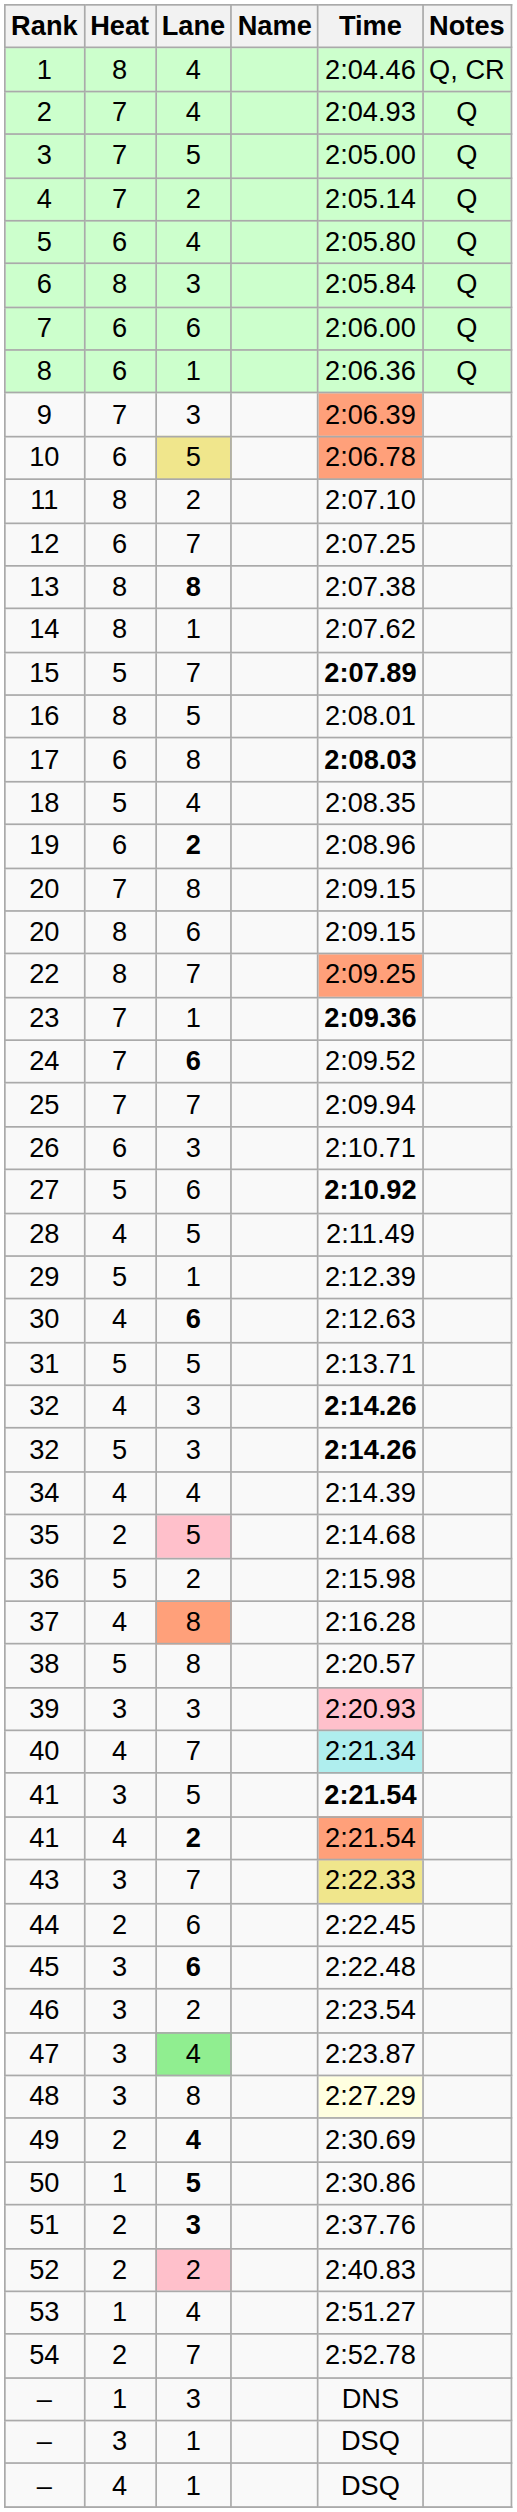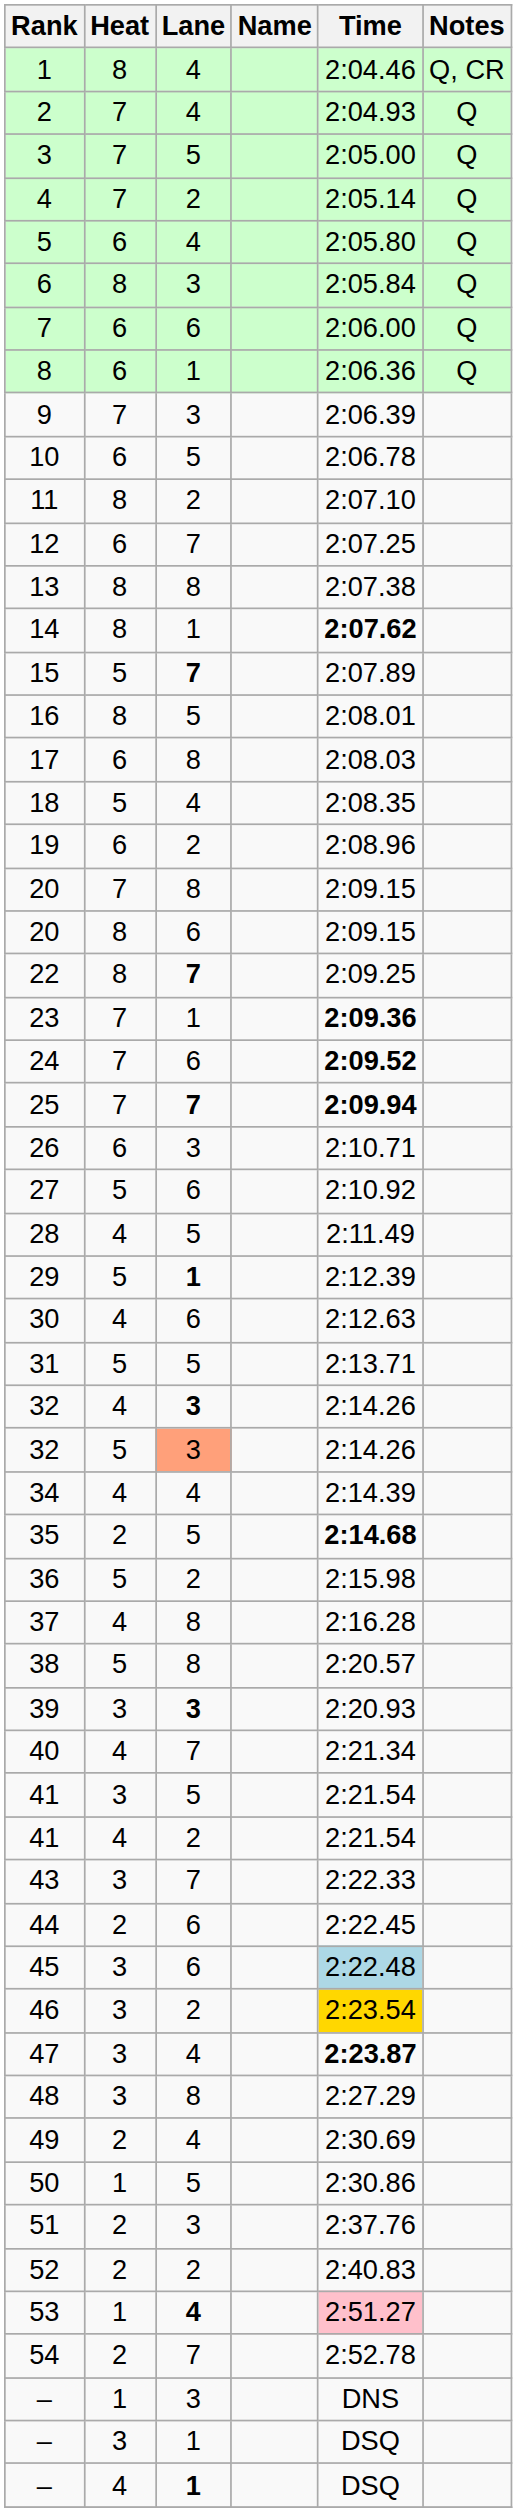 <table class="wikitable sortable" style="text-align:center">
 <tr>
 <th>Rank</th>
 <th>Heat</th>
 <th>Lane</th>
 <th>Name</th>
 <th>Time</th>
 <th>Notes</th>
 </tr>
 <tr bgcolor=ccffcc>
 <td>1</td>
 <td>8</td>
 <td>4</td>
 <td align=left></td>
 <td>2:04.46</td>
 <td>Q, CR</td>
 </tr>
 <tr bgcolor=ccffcc>
 <td>2</td>
 <td>7</td>
 <td>4</td>
 <td align=left></td>
 <td>2:04.93</td>
 <td>Q</td>
 </tr>
 <tr bgcolor=ccffcc>
 <td>3</td>
 <td>7</td>
 <td>5</td>
 <td align=left></td>
 <td>2:05.00</td>
 <td>Q</td>
 </tr>
 <tr bgcolor=ccffcc>
 <td>4</td>
 <td>7</td>
 <td>2</td>
 <td align=left></td>
 <td>2:05.14</td>
 <td>Q</td>
 </tr>
 <tr bgcolor=ccffcc>
 <td>5</td>
 <td>6</td>
 <td>4</td>
 <td align=left></td>
 <td>2:05.80</td>
 <td>Q</td>
 </tr>
 <tr bgcolor=ccffcc>
 <td>6</td>
 <td>8</td>
 <td>3</td>
 <td align=left></td>
 <td>2:05.84</td>
 <td>Q</td>
 </tr>
 <tr bgcolor=ccffcc>
 <td>7</td>
 <td>6</td>
 <td>6</td>
 <td align=left></td>
 <td>2:06.00</td>
 <td>Q</td>
 </tr>
 <tr bgcolor=ccffcc>
 <td>8</td>
 <td>6</td>
 <td>1</td>
 <td align=left></td>
 <td>2:06.36</td>
 <td>Q</td>
 </tr>
 <tr>
 <td>9</td>
 <td>7</td>
 <td>3</td>
 <td align=left></td>
-<td style="background: lightsalmon;">2:06.39</td>
+<td>2:06.39</td>
 <td></td>
 </tr>
 <tr>
 <td>10</td>
 <td>6</td>
-<td style="background: khaki;">5</td>
+<td>5</td>
 <td align=left></td>
-<td style="background: lightsalmon;">2:06.78</td>
+<td>2:06.78</td>
 <td></td>
 </tr>
 <tr>
 <td>11</td>
 <td>8</td>
 <td>2</td>
 <td align=left></td>
 <td>2:07.10</td>
 <td></td>
 </tr>
 <tr>
 <td>12</td>
 <td>6</td>
 <td>7</td>
 <td align=left></td>
 <td>2:07.25</td>
 <td></td>
 </tr>
 <tr>
 <td>13</td>
 <td>8</td>
-<td><strong>8</strong></td>
+<td>8</td>
 <td align=left></td>
 <td>2:07.38</td>
 <td></td>
 </tr>
 <tr>
 <td>14</td>
 <td>8</td>
 <td>1</td>
 <td align=left></td>
-<td>2:07.62</td>
+<td><strong>2:07.62</strong></td>
 <td></td>
 </tr>
 <tr>
 <td>15</td>
 <td>5</td>
-<td>7</td>
+<td><strong>7</strong></td>
 <td align=left></td>
-<td><strong>2:07.89</strong></td>
+<td>2:07.89</td>
 <td></td>
 </tr>
 <tr>
 <td>16</td>
 <td>8</td>
 <td>5</td>
 <td align=left></td>
 <td>2:08.01</td>
 <td></td>
 </tr>
 <tr>
 <td>17</td>
 <td>6</td>
 <td>8</td>
 <td align=left></td>
-<td><strong>2:08.03</strong></td>
+<td>2:08.03</td>
 <td></td>
 </tr>
 <tr>
 <td>18</td>
 <td>5</td>
 <td>4</td>
 <td align=left></td>
 <td>2:08.35</td>
 <td></td>
 </tr>
 <tr>
 <td>19</td>
 <td>6</td>
-<td><strong>2</strong></td>
+<td>2</td>
 <td align=left></td>
 <td>2:08.96</td>
 <td></td>
 </tr>
 <tr>
 <td>20</td>
 <td>7</td>
 <td>8</td>
 <td align=left></td>
 <td>2:09.15</td>
 <td></td>
 </tr>
 <tr>
 <td>20</td>
 <td>8</td>
 <td>6</td>
 <td align=left></td>
 <td>2:09.15</td>
 <td></td>
 </tr>
 <tr>
 <td>22</td>
 <td>8</td>
-<td>7</td>
+<td><strong>7</strong></td>
 <td align=left></td>
-<td style="background: lightsalmon;">2:09.25</td>
+<td>2:09.25</td>
 <td></td>
 </tr>
 <tr>
 <td>23</td>
 <td>7</td>
 <td>1</td>
 <td align=left></td>
 <td><strong>2:09.36</strong></td>
 <td></td>
 </tr>
 <tr>
 <td>24</td>
 <td>7</td>
-<td><strong>6</strong></td>
+<td>6</td>
 <td align=left></td>
-<td>2:09.52</td>
+<td><strong>2:09.52</strong></td>
 <td></td>
 </tr>
 <tr>
 <td>25</td>
 <td>7</td>
-<td>7</td>
+<td><strong>7</strong></td>
 <td align=left></td>
-<td>2:09.94</td>
+<td><strong>2:09.94</strong></td>
 <td></td>
 </tr>
 <tr>
 <td>26</td>
 <td>6</td>
 <td>3</td>
 <td align=left></td>
 <td>2:10.71</td>
 <td></td>
 </tr>
 <tr>
 <td>27</td>
 <td>5</td>
 <td>6</td>
 <td align=left></td>
-<td><strong>2:10.92</strong></td>
+<td>2:10.92</td>
 <td></td>
 </tr>
 <tr>
 <td>28</td>
 <td>4</td>
 <td>5</td>
 <td align=left></td>
 <td>2:11.49</td>
 <td></td>
 </tr>
 <tr>
 <td>29</td>
 <td>5</td>
-<td>1</td>
+<td><strong>1</strong></td>
 <td align=left></td>
 <td>2:12.39</td>
 <td></td>
 </tr>
 <tr>
 <td>30</td>
 <td>4</td>
-<td><strong>6</strong></td>
+<td>6</td>
 <td align=left></td>
 <td>2:12.63</td>
 <td></td>
 </tr>
 <tr>
 <td>31</td>
 <td>5</td>
 <td>5</td>
 <td align=left></td>
 <td>2:13.71</td>
 <td></td>
 </tr>
 <tr>
 <td>32</td>
 <td>4</td>
-<td>3</td>
+<td><strong>3</strong></td>
 <td align=left></td>
-<td><strong>2:14.26</strong></td>
+<td>2:14.26</td>
 <td></td>
 </tr>
 <tr>
 <td>32</td>
 <td>5</td>
-<td>3</td>
+<td style="background: lightsalmon;">3</td>
 <td align=left></td>
-<td><strong>2:14.26</strong></td>
+<td>2:14.26</td>
 <td></td>
 </tr>
 <tr>
 <td>34</td>
 <td>4</td>
 <td>4</td>
 <td align=left></td>
 <td>2:14.39</td>
 <td></td>
 </tr>
 <tr>
 <td>35</td>
 <td>2</td>
-<td style="background: pink;">5</td>
+<td>5</td>
 <td align=left></td>
-<td>2:14.68</td>
+<td><strong>2:14.68</strong></td>
 <td></td>
 </tr>
 <tr>
 <td>36</td>
 <td>5</td>
 <td>2</td>
 <td align=left></td>
 <td>2:15.98</td>
 <td></td>
 </tr>
 <tr>
 <td>37</td>
 <td>4</td>
-<td style="background: lightsalmon;">8</td>
+<td>8</td>
 <td align=left></td>
 <td>2:16.28</td>
 <td></td>
 </tr>
 <tr>
 <td>38</td>
 <td>5</td>
 <td>8</td>
 <td align=left></td>
 <td>2:20.57</td>
 <td></td>
 </tr>
 <tr>
 <td>39</td>
 <td>3</td>
-<td>3</td>
+<td><strong>3</strong></td>
 <td align=left></td>
-<td style="background: pink;">2:20.93</td>
+<td>2:20.93</td>
 <td></td>
 </tr>
 <tr>
 <td>40</td>
 <td>4</td>
 <td>7</td>
 <td align=left></td>
-<td style="background: paleturquoise;">2:21.34</td>
+<td>2:21.34</td>
 <td></td>
 </tr>
 <tr>
 <td>41</td>
 <td>3</td>
 <td>5</td>
 <td align=left></td>
-<td><strong>2:21.54</strong></td>
+<td>2:21.54</td>
 <td></td>
 </tr>
 <tr>
 <td>41</td>
 <td>4</td>
-<td><strong>2</strong></td>
+<td>2</td>
 <td align=left></td>
-<td style="background: lightsalmon;">2:21.54</td>
+<td>2:21.54</td>
 <td></td>
 </tr>
 <tr>
 <td>43</td>
 <td>3</td>
 <td>7</td>
 <td align=left></td>
-<td style="background: khaki;">2:22.33</td>
+<td>2:22.33</td>
 <td></td>
 </tr>
 <tr>
 <td>44</td>
 <td>2</td>
 <td>6</td>
 <td align=left></td>
 <td>2:22.45</td>
 <td></td>
 </tr>
 <tr>
 <td>45</td>
 <td>3</td>
-<td><strong>6</strong></td>
+<td>6</td>
 <td align=left></td>
-<td>2:22.48</td>
+<td style="background: lightblue;">2:22.48</td>
 <td></td>
 </tr>
 <tr>
 <td>46</td>
 <td>3</td>
 <td>2</td>
 <td align=left></td>
-<td>2:23.54</td>
+<td style="background: gold;">2:23.54</td>
 <td></td>
 </tr>
 <tr>
 <td>47</td>
 <td>3</td>
-<td style="background: lightgreen;">4</td>
+<td>4</td>
 <td align=left></td>
-<td>2:23.87</td>
+<td><strong>2:23.87</strong></td>
 <td></td>
 </tr>
 <tr>
 <td>48</td>
 <td>3</td>
 <td>8</td>
 <td align=left></td>
-<td style="background: lightyellow;">2:27.29</td>
+<td>2:27.29</td>
 <td></td>
 </tr>
 <tr>
 <td>49</td>
 <td>2</td>
-<td><strong>4</strong></td>
+<td>4</td>
 <td align=left></td>
 <td>2:30.69</td>
 <td></td>
 </tr>
 <tr>
 <td>50</td>
 <td>1</td>
-<td><strong>5</strong></td>
+<td>5</td>
 <td align=left></td>
 <td>2:30.86</td>
 <td></td>
 </tr>
 <tr>
 <td>51</td>
 <td>2</td>
-<td><strong>3</strong></td>
+<td>3</td>
 <td align=left></td>
 <td>2:37.76</td>
 <td></td>
 </tr>
 <tr>
 <td>52</td>
 <td>2</td>
-<td style="background: pink;">2</td>
+<td>2</td>
 <td align=left></td>
 <td>2:40.83</td>
 <td></td>
 </tr>
 <tr>
 <td>53</td>
 <td>1</td>
-<td>4</td>
+<td><strong>4</strong></td>
 <td align=left></td>
-<td>2:51.27</td>
+<td style="background: pink;">2:51.27</td>
 <td></td>
 </tr>
 <tr>
 <td>54</td>
 <td>2</td>
 <td>7</td>
 <td align=left></td>
 <td>2:52.78</td>
 <td></td>
 </tr>
 <tr>
 <td>–</td>
 <td>1</td>
 <td>3</td>
 <td align=left></td>
 <td>DNS</td>
 <td></td>
 </tr>
 <tr>
 <td>–</td>
 <td>3</td>
 <td>1</td>
 <td align=left></td>
 <td>DSQ</td>
 <td></td>
 </tr>
 <tr>
 <td>–</td>
 <td>4</td>
-<td>1</td>
+<td><strong>1</strong></td>
 <td align=left></td>
 <td>DSQ</td>
 <td></td>
 </tr>
 <tr>
 </tr>
 </table>
